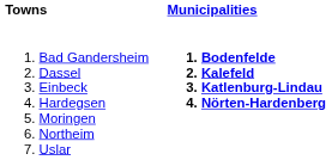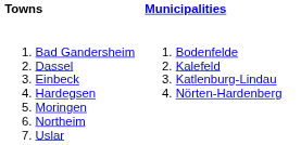 <table>
 <tr>
 <th align=left width=50%>Towns</th>
 <th align=left width=50%><a href='#'>Municipalities</a></th>
 </tr>
 <tr valign=top>
 <td><br><ol><li><a href='#'>Bad Gandersheim</a></li><li><a href='#'>Dassel</a></li><li><a href='#'>Einbeck</a></li><li><a href='#'>Hardegsen</a></li><li><a href='#'>Moringen</a></li><li><a href='#'>Northeim</a></li><li><a href='#'>Uslar</a></li></ol></td>
-<td><strong><br><ol><li><a href='#'>Bodenfelde</a></li><li><a href='#'>Kalefeld</a></li><li><a href='#'>Katlenburg-Lindau</a></li><li><a href='#'>Nörten-Hardenberg</a></li></ol></strong></td>
+<td><br><ol><li><a href='#'>Bodenfelde</a></li><li><a href='#'>Kalefeld</a></li><li><a href='#'>Katlenburg-Lindau</a></li><li><a href='#'>Nörten-Hardenberg</a></li></ol></td>
 </tr>
 </table>
